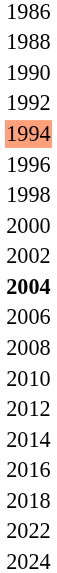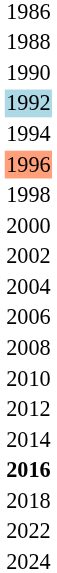 <table>
 <tr>
 <td>1986</td>
 <td></td>
 <td></td>
 <td></td>
 </tr>
 <tr>
 <td>1988</td>
 <td></td>
 <td><br></td>
 <td></td>
 </tr>
 <tr>
 <td>1990</td>
 <td></td>
 <td></td>
 <td></td>
 </tr>
 <tr>
-<td>1992</td>
+<td style="background: lightblue;">1992</td>
 <td></td>
 <td></td>
 <td></td>
 </tr>
 <tr>
-<td style="background: lightsalmon;">1994</td>
+<td>1994</td>
 <td></td>
 <td><br></td>
 <td></td>
 </tr>
 <tr>
-<td>1996</td>
+<td style="background: lightsalmon;">1996</td>
 <td></td>
 <td></td>
 <td></td>
 </tr>
 <tr>
 <td>1998</td>
 <td></td>
 <td><br></td>
 <td></td>
 </tr>
 <tr>
 <td>2000</td>
 <td></td>
 <td></td>
 <td></td>
 </tr>
 <tr>
 <td>2002</td>
 <td></td>
 <td></td>
 <td></td>
 </tr>
 <tr>
-<td><strong>2004</strong></td>
+<td>2004</td>
 <td></td>
 <td></td>
 <td></td>
 </tr>
 <tr>
 <td>2006</td>
 <td></td>
 <td></td>
 <td></td>
 </tr>
 <tr>
 <td>2008</td>
 <td></td>
 <td></td>
 <td></td>
 </tr>
 <tr>
 <td>2010</td>
 <td></td>
 <td></td>
 <td></td>
 </tr>
 <tr>
 <td>2012</td>
 <td></td>
 <td></td>
 <td></td>
 </tr>
 <tr>
 <td>2014</td>
 <td></td>
 <td></td>
 <td><br></td>
 </tr>
 <tr>
-<td>2016</td>
+<td><strong>2016</strong></td>
 <td></td>
 <td></td>
 <td></td>
 </tr>
 <tr>
 <td>2018</td>
 <td></td>
 <td></td>
 <td></td>
 </tr>
 <tr>
 <td>2022</td>
 <td></td>
 <td></td>
 <td></td>
 </tr>
 <tr>
 <td>2024</td>
 <td></td>
 <td></td>
 <td><br></td>
 </tr>
 </table>
